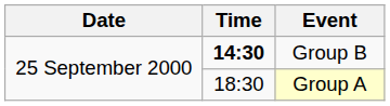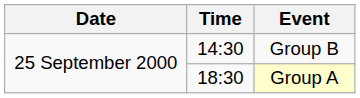 <table class = "wikitable" style="text-align:center;">
 <tr>
 <th width=150>Date</th>
 <th width=50>Time</th>
 <th width=80>Event</th>
 </tr>
 <tr>
 <td rowspan=2>25 September 2000</td>
-<td><strong>14:30</strong></td>
+<td>14:30</td>
 <td>Group B</td>
 </tr>
 <tr>
 <td>18:30</td>
 <td bgcolor=ffffcc>Group A</td>
 </tr>
 </table>
